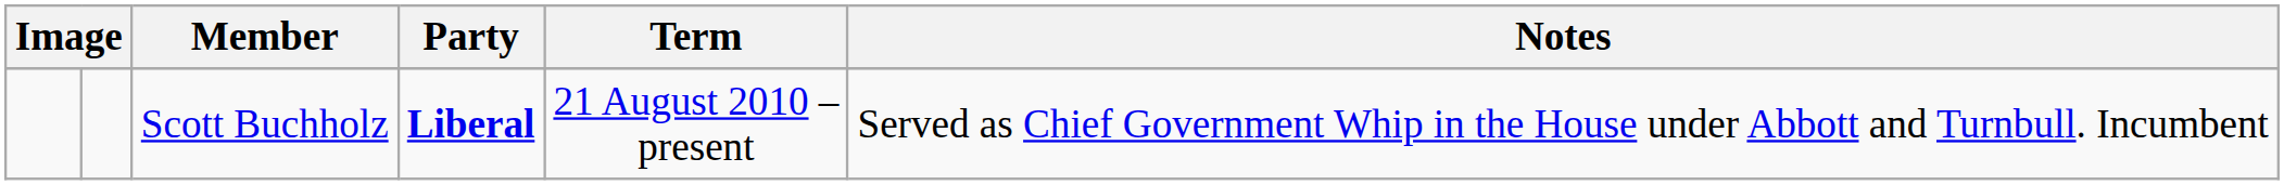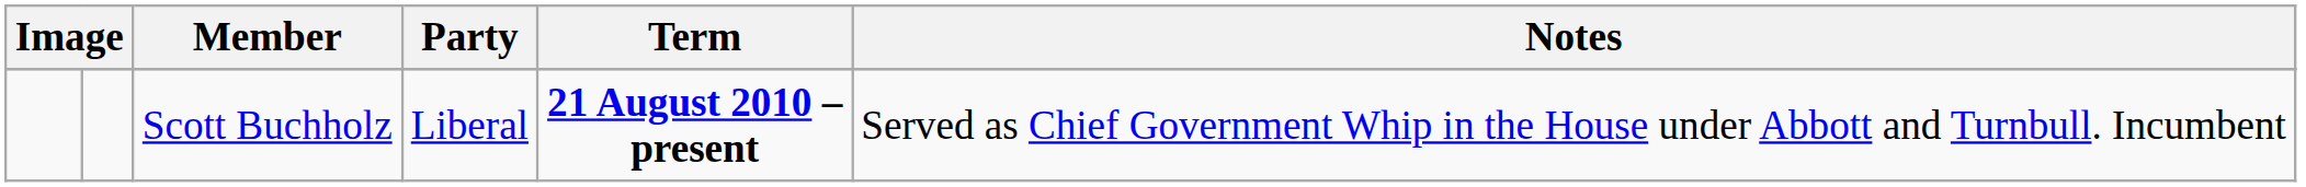 <table class=wikitable style="text-align:center">
 <tr>
 <th colspan=2>Image</th>
 <th>Member</th>
 <th>Party</th>
 <th>Term</th>
 <th>Notes</th>
 </tr>
 <tr>
 </tr>
 <tr>
 <td> </td>
 <td></td>
 <td><a href='#'>Scott Buchholz</a><br></td>
-<td><strong><a href='#'>Liberal</a></strong></td>
-<td nowrap><a href='#'>21 August 2010</a> –<br>present</td>
+<td><a href='#'>Liberal</a></td>
+<td nowrap><strong><a href='#'>21 August 2010</a> –<br>present</strong></td>
 <td>Served as <a href='#'>Chief Government Whip in the House</a> under <a href='#'>Abbott</a> and <a href='#'>Turnbull</a>. Incumbent</td>
 </tr>
 </table>
